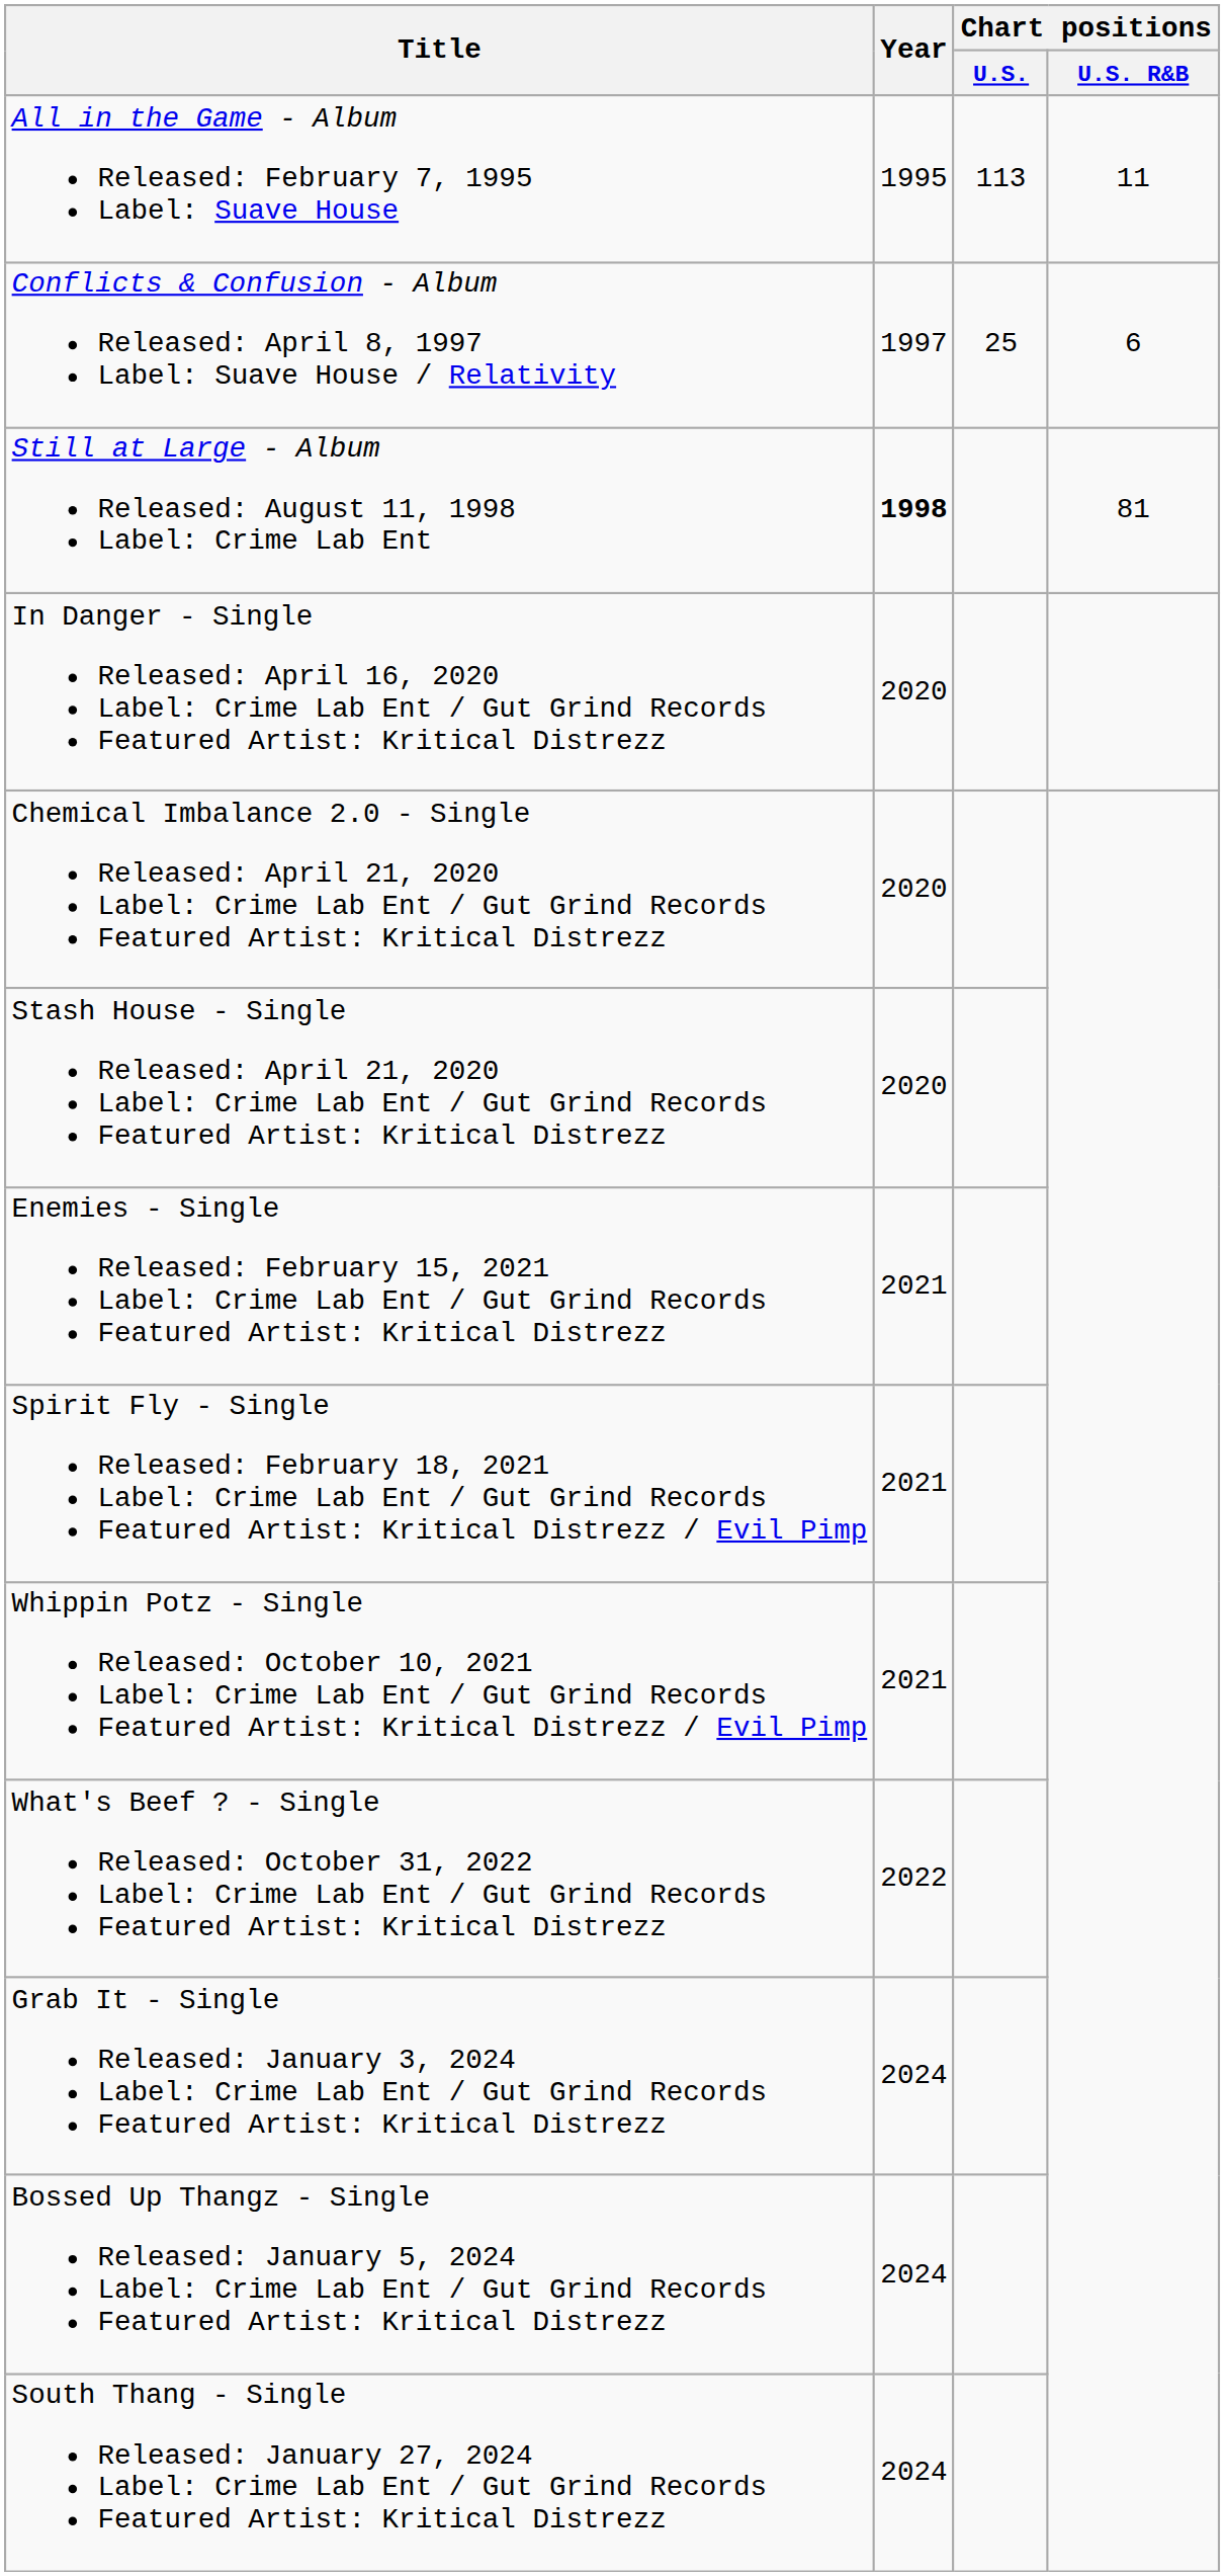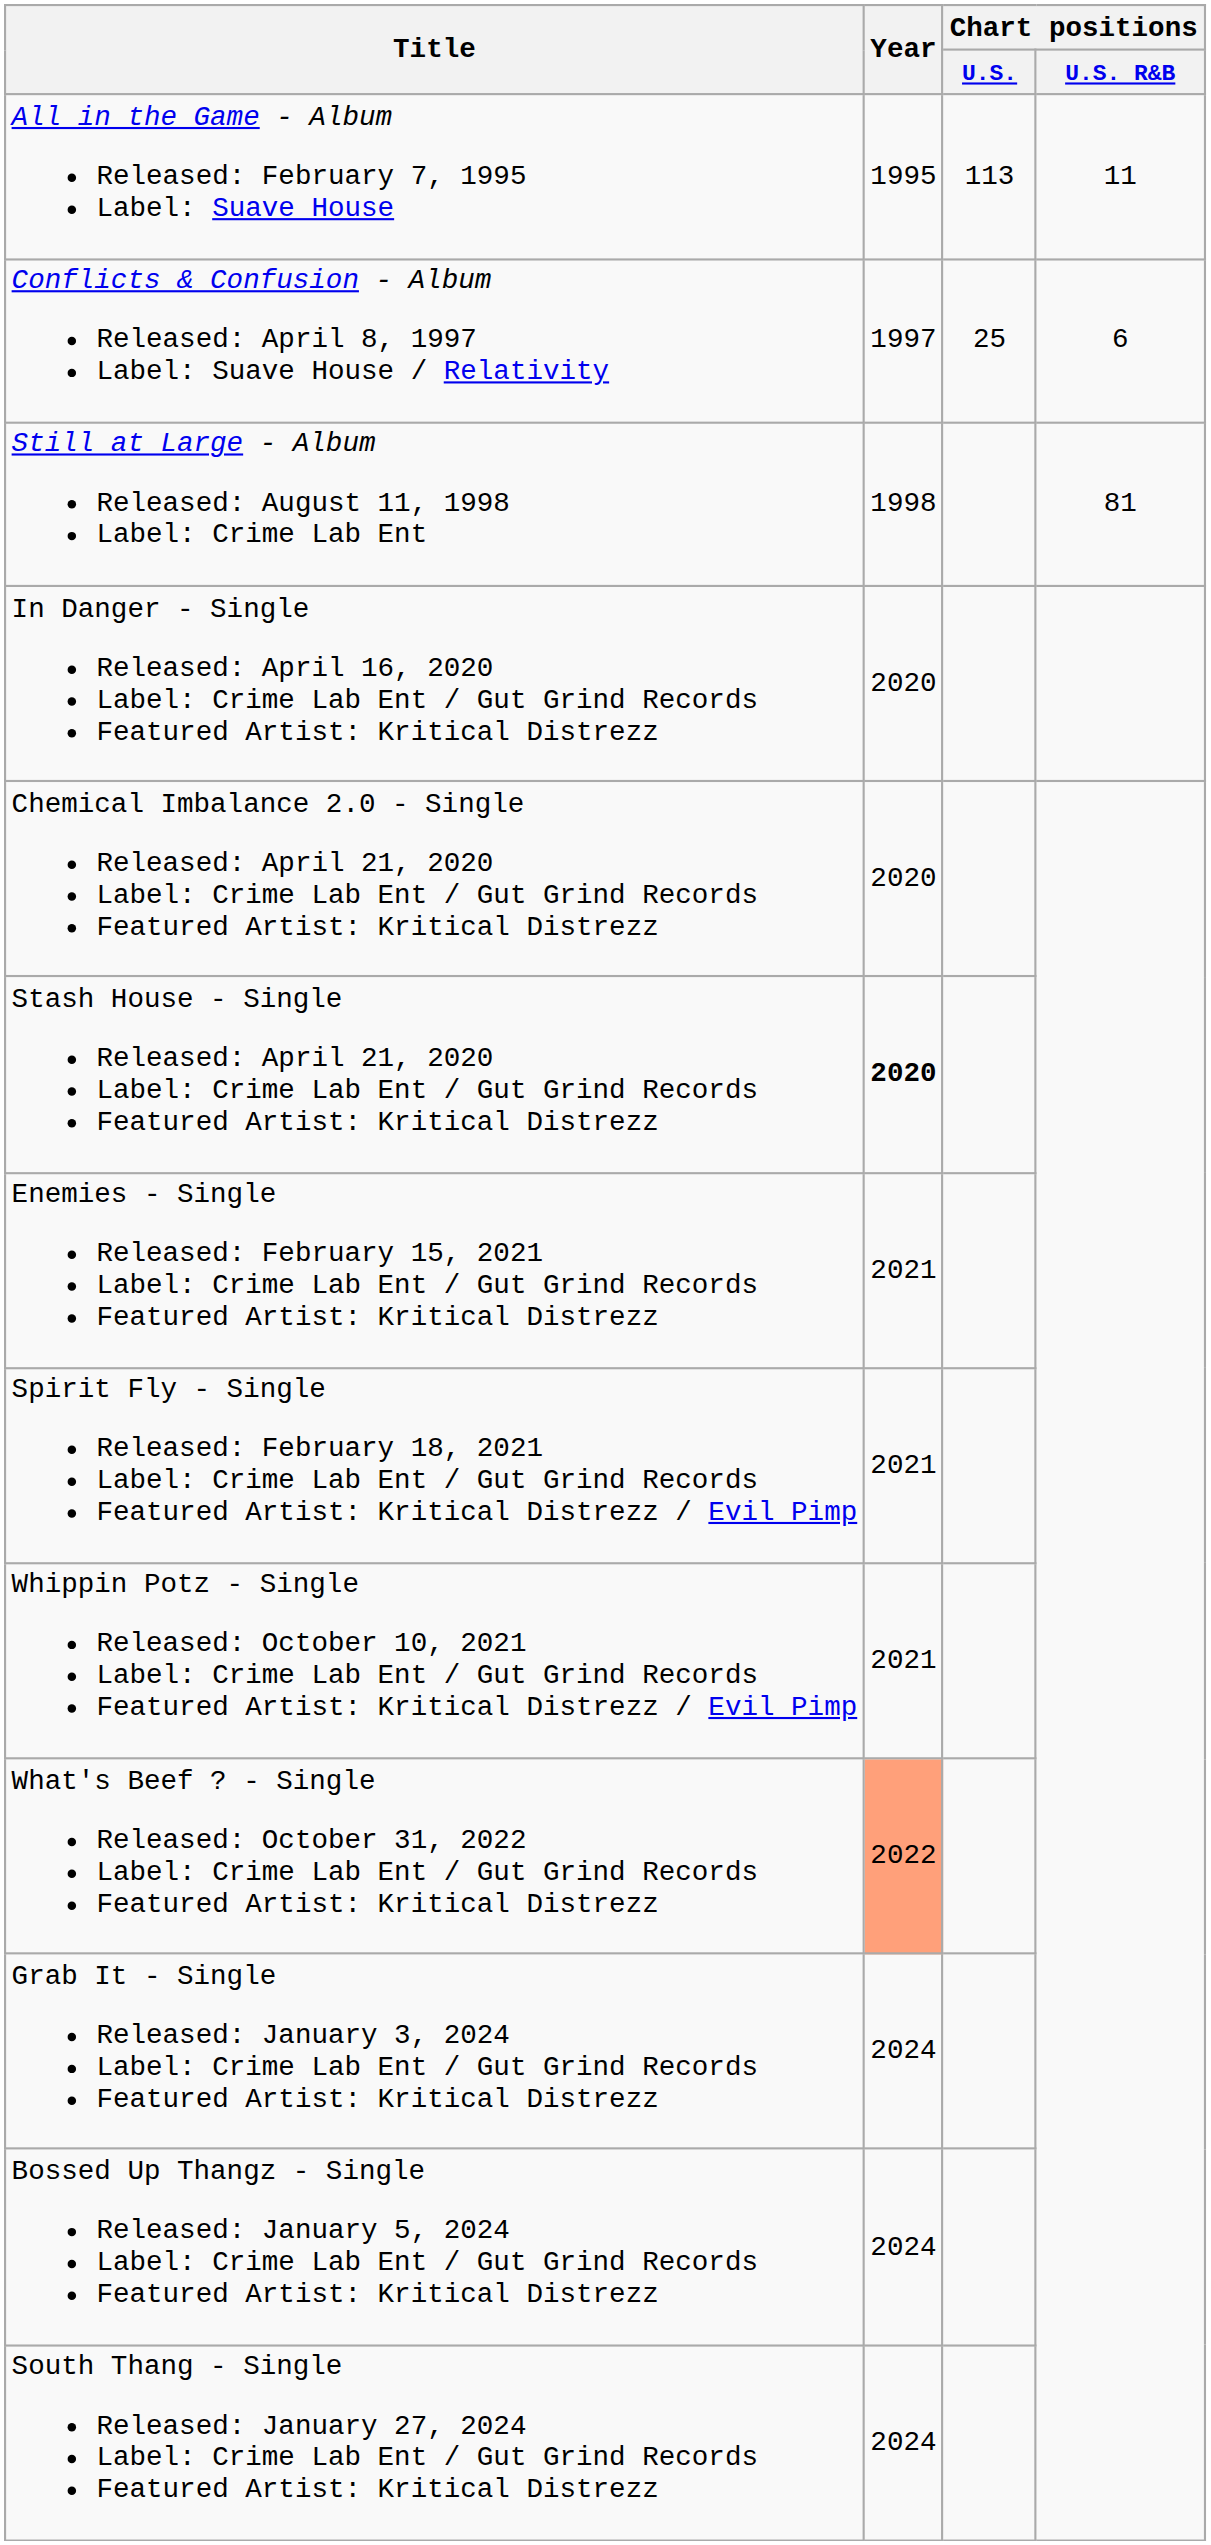 <table class="wikitable">
 <tr>
 <th rowspan="2">Title</th>
 <th rowspan="2">Year</th>
 <th colspan="2">Chart positions</th>
 </tr>
 <tr>
 <th><small><a href='#'>U.S.</a></small></th>
 <th><small><a href='#'>U.S. R&B</a></small></th>
 </tr>
 <tr>
 <td><em><a href='#'>All in the Game</a> - Album</em><br><ul><li>Released: February 7, 1995</li><li>Label: <a href='#'>Suave House</a></li></ul></td>
 <td>1995</td>
 <td align="center">113</td>
 <td align="center">11</td>
 </tr>
 <tr>
 <td><em><a href='#'>Conflicts & Confusion</a> - Album</em><br><ul><li>Released: April 8, 1997</li><li>Label: Suave House / <a href='#'>Relativity</a></li></ul></td>
 <td>1997</td>
 <td align="center">25</td>
 <td align="center">6</td>
 </tr>
 <tr>
 <td><em><a href='#'>Still at Large</a> - Album</em><br><ul><li>Released: August 11, 1998</li><li>Label: Crime Lab Ent</li></ul></td>
-<td><strong>1998</strong></td>
+<td>1998</td>
 <td align="center"></td>
 <td align="center">81</td>
 </tr>
 <tr>
 <td>In Danger - Single<br><ul><li>Released: April 16, 2020</li><li>Label: Crime Lab Ent / Gut Grind Records</li><li>Featured Artist: Kritical Distrezz</li></ul></td>
 <td>2020</td>
 <td></td>
 <td></td>
 </tr>
 <tr>
 <td>Chemical Imbalance 2.0 - Single<br><ul><li>Released: April 21, 2020</li><li>Label: Crime Lab Ent / Gut Grind Records</li><li>Featured Artist: Kritical Distrezz</li></ul></td>
 <td>2020</td>
 <td></td>
 </tr>
 <tr>
 <td>Stash House - Single<br><ul><li>Released: April 21, 2020</li><li>Label: Crime Lab Ent / Gut Grind Records</li><li>Featured Artist: Kritical Distrezz</li></ul></td>
-<td>2020</td>
+<td><strong>2020</strong></td>
 <td></td>
 </tr>
 <tr>
 <td>Enemies - Single<br><ul><li>Released: February 15, 2021</li><li>Label: Crime Lab Ent / Gut Grind Records</li><li>Featured Artist: Kritical Distrezz</li></ul></td>
 <td>2021</td>
 <td></td>
 </tr>
 <tr>
 <td>Spirit Fly - Single<br><ul><li>Released: February 18, 2021</li><li>Label: Crime Lab Ent / Gut Grind Records</li><li>Featured Artist: Kritical Distrezz / <a href='#'>Evil Pimp</a></li></ul></td>
 <td>2021</td>
 <td></td>
 </tr>
 <tr>
 <td>Whippin Potz - Single<br><ul><li>Released: October 10, 2021</li><li>Label: Crime Lab Ent / Gut Grind Records</li><li>Featured Artist: Kritical Distrezz / <a href='#'>Evil Pimp</a></li></ul></td>
 <td>2021</td>
 <td></td>
 </tr>
 <tr>
 <td>What's Beef ? - Single<br><ul><li>Released: October 31, 2022</li><li>Label: Crime Lab Ent / Gut Grind Records</li><li>Featured Artist: Kritical Distrezz</li></ul></td>
-<td>2022</td>
+<td style="background: lightsalmon;">2022</td>
 <td></td>
 </tr>
 <tr>
 <td>Grab It - Single<br><ul><li>Released: January 3, 2024</li><li>Label: Crime Lab Ent / Gut Grind Records</li><li>Featured Artist: Kritical Distrezz</li></ul></td>
 <td>2024</td>
 <td></td>
 </tr>
 <tr>
 <td>Bossed Up Thangz - Single<br><ul><li>Released: January 5, 2024</li><li>Label: Crime Lab Ent / Gut Grind Records</li><li>Featured Artist: Kritical Distrezz</li></ul></td>
 <td>2024</td>
 <td></td>
 </tr>
 <tr>
 <td>South Thang - Single<br><ul><li>Released: January 27, 2024</li><li>Label: Crime Lab Ent / Gut Grind Records</li><li>Featured Artist: Kritical Distrezz</li></ul></td>
 <td>2024</td>
 <td></td>
 </tr>
 </table>
